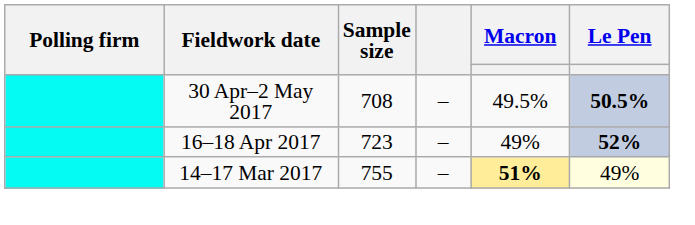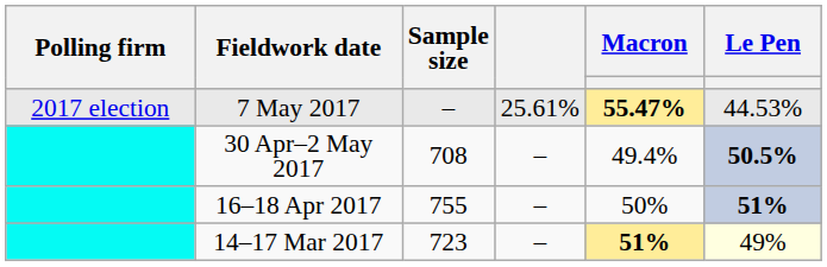 <table class="wikitable sortable" style="text-align:center;font-size:90%;line-height:14px;">
 <tr style="height:40px;">
 <th style="width:100px;" rowspan="2">Polling firm</th>
 <th style="width:110px;" rowspan="2">Fieldwork date</th>
 <th style="width:35px;" rowspan="2">Sample<br>size</th>
 <th style="width:30px;" rowspan="2"></th>
 <th class="unsortable" style="width:60px;"><a href='#'>Macron</a><br></th>
 <th class="unsortable" style="width:60px;"><a href='#'>Le Pen</a><br></th>
 </tr>
 <tr>
 <th style="background:"></th>
 <th style="background:"></th>
 </tr>
+<tr style="background:#E9E9E9;">
+<td><a href='#'>2017 election</a></td>
+<td data-sort-value="2017-05-07">7 May 2017</td>
+<td>–</td>
+<td>25.61%</td>
+<td style="background:#FFED99;"><strong>55.47%</strong></td>
+<td>44.53%</td>
+</tr>
 <tr>
 <td style="background:#04FBF4;"></td>
 <td data-sort-value="2017-05-02">30 Apr–2 May 2017</td>
 <td>708</td>
 <td>–</td>
-<td>49.5%</td>
+<td>49.4%</td>
 <td style="background:#C1CCE1;"><strong>50.5%</strong></td>
 </tr>
 <tr>
 <td style="background:#04FBF4;"></td>
 <td data-sort-value="2017-04-18">16–18 Apr 2017</td>
-<td>723</td>
+<td>755</td>
 <td>–</td>
-<td>49%</td>
-<td style="background:#C1CCE1;"><strong>52%</strong></td>
+<td>50%</td>
+<td style="background:#C1CCE1;"><strong>51%</strong></td>
 </tr>
 <tr>
 <td style="background:#04FBF4;"></td>
 <td data-sort-value="2017-03-17">14–17 Mar 2017</td>
-<td>755</td>
+<td>723</td>
 <td>–</td>
 <td style="background:#FFED99;"><strong>51%</strong></td>
 <td style="background: lightyellow;">49%</td>
 </tr>
 </table>
